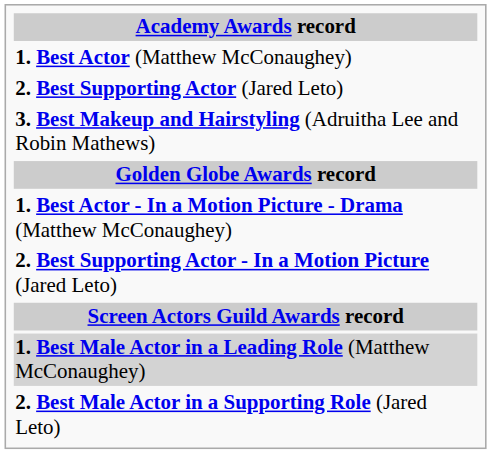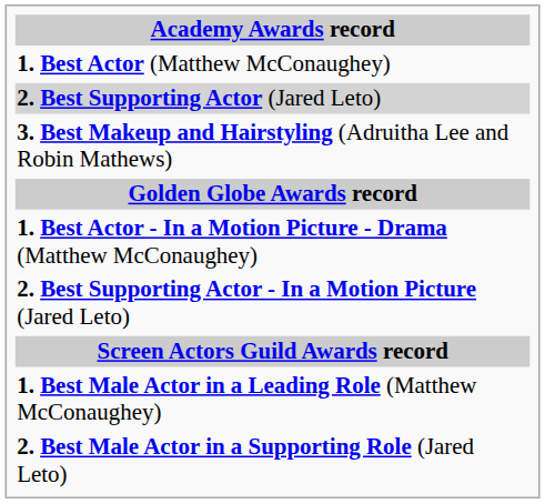 <table class="infobox" style="width: 23em; font-size: 85%;">
 <tr style="background:#ccc; text-align:center;">
 <th colspan="2"><a href='#'>Academy Awards</a> record</th>
 </tr>
 <tr>
 <td><strong>1. <a href='#'>Best Actor</a></strong> (Matthew McConaughey)</td>
 </tr>
 <tr>
-<td><strong>2. <a href='#'>Best Supporting Actor</a></strong> (Jared Leto)</td>
+<td style="background: lightgrey;"><strong>2. <a href='#'>Best Supporting Actor</a></strong> (Jared Leto)</td>
 </tr>
 <tr>
 <td><strong>3. <a href='#'>Best Makeup and Hairstyling</a></strong> (Adruitha Lee and Robin Mathews)</td>
 </tr>
 <tr style="background:#ccc; text-align:center;">
 <th colspan="2"><a href='#'>Golden Globe Awards</a> record</th>
 </tr>
 <tr>
 <td><strong>1. <a href='#'>Best Actor - In a Motion Picture - Drama</a></strong> (Matthew McConaughey)</td>
 </tr>
 <tr>
 <td><strong>2. <a href='#'>Best Supporting Actor - In a Motion Picture</a></strong> (Jared Leto)</td>
 </tr>
 <tr style="background:#ccc; text-align:center;">
 <th colspan="2"><a href='#'>Screen Actors Guild Awards</a> record</th>
 </tr>
 <tr>
-<td style="background: lightgrey;"><strong>1. <a href='#'>Best Male Actor in a Leading Role</a></strong>  (Matthew McConaughey)</td>
+<td><strong>1. <a href='#'>Best Male Actor in a Leading Role</a></strong>  (Matthew McConaughey)</td>
 </tr>
 <tr>
 <td><strong>2. <a href='#'>Best Male Actor in a Supporting Role</a></strong> (Jared Leto)</td>
 </tr>
 </table>
